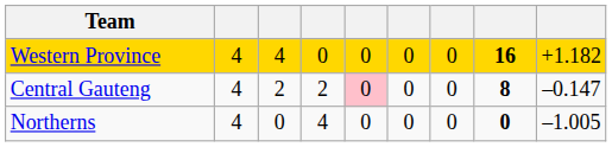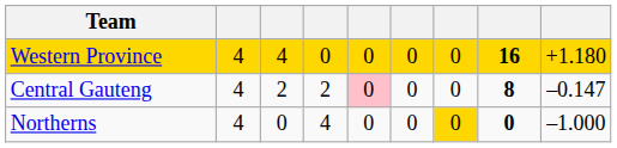 <table class="wikitable" style="text-align:center">
 <tr>
 <th width="150">Team</th>
 <th width="25"></th>
 <th width="25"></th>
 <th width="25"></th>
 <th width="25"></th>
 <th width="25"></th>
 <th width="25"></th>
 <th width="40"></th>
 <th width="45"></th>
 </tr>
 <tr style="background:gold">
 <td style="text-align:left"><a href='#'>Western Province</a></td>
 <td>4</td>
 <td>4</td>
 <td>0</td>
 <td>0</td>
 <td>0</td>
 <td>0</td>
 <td><strong>16</strong></td>
-<td>+1.182</td>
+<td>+1.180</td>
 </tr>
 <tr>
 <td style="text-align:left"><a href='#'>Central Gauteng</a></td>
 <td>4</td>
 <td>2</td>
 <td>2</td>
 <td style="background: pink;">0</td>
 <td>0</td>
 <td>0</td>
 <td><strong>8</strong></td>
 <td>–0.147</td>
 </tr>
 <tr>
 <td style="text-align:left"><a href='#'>Northerns</a></td>
 <td>4</td>
 <td>0</td>
 <td>4</td>
 <td>0</td>
 <td>0</td>
-<td>0</td>
+<td style="background: gold;">0</td>
 <td><strong>0</strong></td>
-<td>–1.005</td>
+<td>–1.000</td>
 </tr>
 </table>
